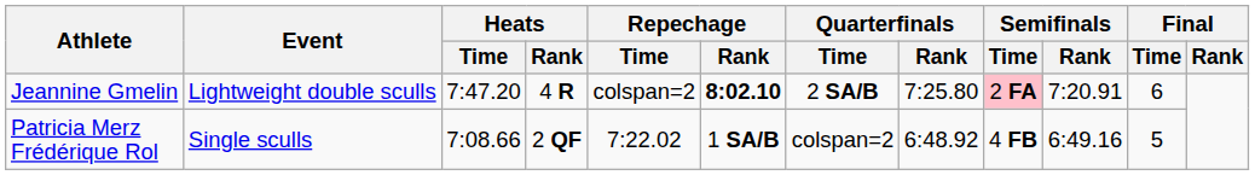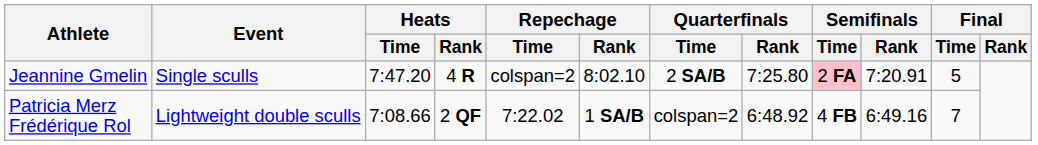 <table class="wikitable" style="font-size:90%">
 <tr>
 <th rowspan="2">Athlete</th>
 <th rowspan="2">Event</th>
 <th colspan="2">Heats</th>
 <th colspan="2">Repechage</th>
 <th colspan="2">Quarterfinals</th>
 <th colspan="2">Semifinals</th>
 <th colspan="2">Final</th>
 </tr>
 <tr style="font-size:95%">
 <th>Time</th>
 <th>Rank</th>
 <th>Time</th>
 <th>Rank</th>
 <th>Time</th>
 <th>Rank</th>
 <th>Time</th>
 <th>Rank</th>
 <th>Time</th>
 <th>Rank</th>
 </tr>
 <tr align=center>
 <td align=left><a href='#'>Jeannine Gmelin</a></td>
-<td align=left><a href='#'>Lightweight double sculls</a></td>
+<td align=left><a href='#'>Single sculls</a></td>
 <td>7:47.20</td>
 <td>4 <strong>R</strong></td>
 <td>colspan=2 </td>
-<td><strong>8:02.10</strong></td>
+<td>8:02.10</td>
 <td>2 <strong>SA/B</strong></td>
 <td>7:25.80</td>
 <td style="background: pink;">2 <strong>FA</strong></td>
 <td>7:20.91</td>
-<td>6</td>
+<td>5</td>
 </tr>
 <tr align=center>
 <td align=left><a href='#'>Patricia Merz</a><br><a href='#'>Frédérique Rol</a></td>
-<td align=left><a href='#'>Single sculls</a></td>
+<td align=left><a href='#'>Lightweight double sculls</a></td>
 <td>7:08.66</td>
 <td>2 <strong>QF</strong></td>
 <td>7:22.02</td>
 <td>1 <strong>SA/B</strong></td>
 <td>colspan=2 </td>
 <td>6:48.92</td>
 <td>4 <strong>FB</strong></td>
 <td>6:49.16</td>
-<td>5</td>
+<td>7</td>
 </tr>
 </table>
